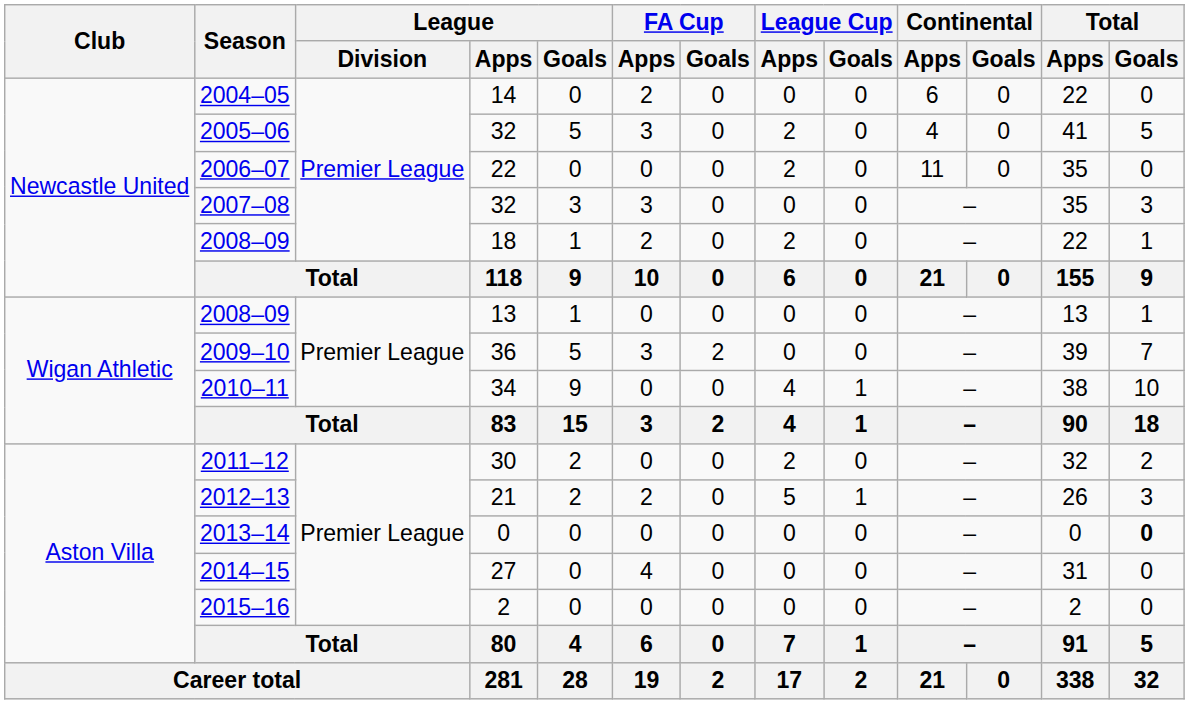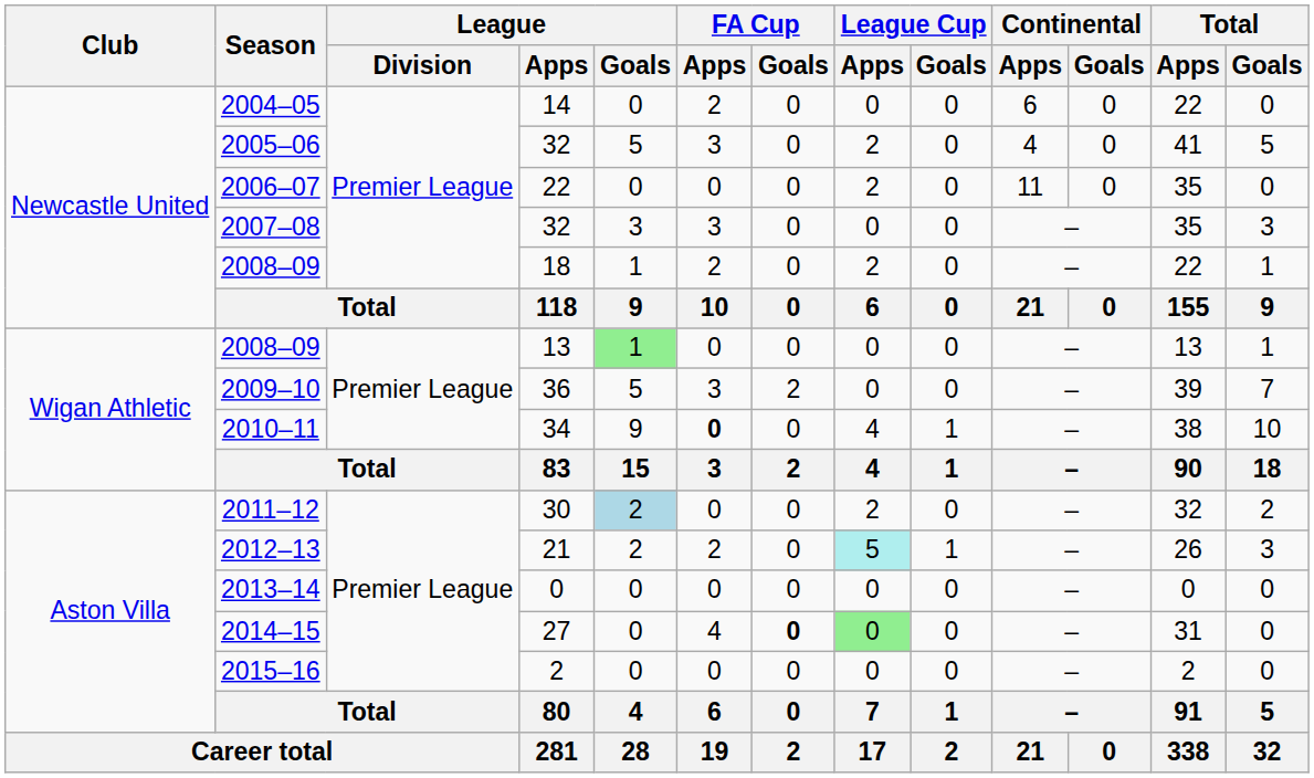 <table class="wikitable" style="text-align:center">
 <tr>
 <th rowspan="2">Club</th>
 <th rowspan="2">Season</th>
 <th colspan="3">League</th>
 <th colspan="2"><a href='#'>FA Cup</a></th>
 <th colspan="2"><a href='#'>League Cup</a></th>
 <th colspan="2">Continental</th>
 <th colspan="2">Total</th>
 </tr>
 <tr>
 <th>Division</th>
 <th>Apps</th>
 <th>Goals</th>
 <th>Apps</th>
 <th>Goals</th>
 <th>Apps</th>
 <th>Goals</th>
 <th>Apps</th>
 <th>Goals</th>
 <th>Apps</th>
 <th>Goals</th>
 </tr>
 <tr>
 <td rowspan="6"><a href='#'>Newcastle United</a></td>
 <td><a href='#'>2004–05</a></td>
 <td rowspan="5"><a href='#'>Premier League</a></td>
 <td>14</td>
 <td>0</td>
 <td>2</td>
 <td>0</td>
 <td>0</td>
 <td>0</td>
 <td>6</td>
 <td>0</td>
 <td>22</td>
 <td>0</td>
 </tr>
 <tr>
 <td><a href='#'>2005–06</a></td>
 <td>32</td>
 <td>5</td>
 <td>3</td>
 <td>0</td>
 <td>2</td>
 <td>0</td>
 <td>4</td>
 <td>0</td>
 <td>41</td>
 <td>5</td>
 </tr>
 <tr>
 <td><a href='#'>2006–07</a></td>
 <td>22</td>
 <td>0</td>
 <td>0</td>
 <td>0</td>
 <td>2</td>
 <td>0</td>
 <td>11</td>
 <td>0</td>
 <td>35</td>
 <td>0</td>
 </tr>
 <tr>
 <td><a href='#'>2007–08</a></td>
 <td>32</td>
 <td>3</td>
 <td>3</td>
 <td>0</td>
 <td>0</td>
 <td>0</td>
 <td colspan="2">–</td>
 <td>35</td>
 <td>3</td>
 </tr>
 <tr>
 <td><a href='#'>2008–09</a></td>
 <td>18</td>
 <td>1</td>
 <td>2</td>
 <td>0</td>
 <td>2</td>
 <td>0</td>
 <td colspan="2">–</td>
 <td>22</td>
 <td>1</td>
 </tr>
 <tr>
 <th colspan="2">Total</th>
 <th>118</th>
 <th>9</th>
 <th>10</th>
 <th>0</th>
 <th>6</th>
 <th>0</th>
 <th>21</th>
 <th>0</th>
 <th>155</th>
 <th>9</th>
 </tr>
 <tr>
 <td rowspan="4"><a href='#'>Wigan Athletic</a></td>
 <td><a href='#'>2008–09</a></td>
 <td rowspan="3">Premier League</td>
 <td>13</td>
-<td>1</td>
+<td style="background: lightgreen;">1</td>
 <td>0</td>
 <td>0</td>
 <td>0</td>
 <td>0</td>
 <td colspan="2">–</td>
 <td>13</td>
 <td>1</td>
 </tr>
 <tr>
 <td><a href='#'>2009–10</a></td>
 <td>36</td>
 <td>5</td>
 <td>3</td>
 <td>2</td>
 <td>0</td>
 <td>0</td>
 <td colspan="2">–</td>
 <td>39</td>
 <td>7</td>
 </tr>
 <tr>
 <td><a href='#'>2010–11</a></td>
 <td>34</td>
 <td>9</td>
-<td>0</td>
+<td><strong>0</strong></td>
 <td>0</td>
 <td>4</td>
 <td>1</td>
 <td colspan="2">–</td>
 <td>38</td>
 <td>10</td>
 </tr>
 <tr>
 <th colspan=2>Total</th>
 <th>83</th>
 <th>15</th>
 <th>3</th>
 <th>2</th>
 <th>4</th>
 <th>1</th>
 <th colspan="2">–</th>
 <th>90</th>
 <th>18</th>
 </tr>
 <tr>
 <td rowspan="6"><a href='#'>Aston Villa</a></td>
 <td><a href='#'>2011–12</a></td>
 <td rowspan="5">Premier League</td>
 <td>30</td>
-<td>2</td>
+<td style="background: lightblue;">2</td>
 <td>0</td>
 <td>0</td>
 <td>2</td>
 <td>0</td>
 <td colspan="2">–</td>
 <td>32</td>
 <td>2</td>
 </tr>
 <tr>
 <td><a href='#'>2012–13</a></td>
 <td>21</td>
 <td>2</td>
 <td>2</td>
 <td>0</td>
-<td>5</td>
+<td style="background: paleturquoise;">5</td>
 <td>1</td>
 <td colspan="2">–</td>
 <td>26</td>
 <td>3</td>
 </tr>
 <tr>
 <td><a href='#'>2013–14</a></td>
 <td>0</td>
 <td>0</td>
 <td>0</td>
 <td>0</td>
 <td>0</td>
 <td>0</td>
 <td colspan="2">–</td>
 <td>0</td>
-<td><strong>0</strong></td>
+<td>0</td>
 </tr>
 <tr>
 <td><a href='#'>2014–15</a></td>
 <td>27</td>
 <td>0</td>
 <td>4</td>
-<td>0</td>
-<td>0</td>
+<td><strong>0</strong></td>
+<td style="background: lightgreen;">0</td>
 <td>0</td>
 <td colspan="2">–</td>
 <td>31</td>
 <td>0</td>
 </tr>
 <tr>
 <td><a href='#'>2015–16</a></td>
 <td>2</td>
 <td>0</td>
 <td>0</td>
 <td>0</td>
 <td>0</td>
 <td>0</td>
 <td colspan="2">–</td>
 <td>2</td>
 <td>0</td>
 </tr>
 <tr>
 <th colspan="2">Total</th>
 <th>80</th>
 <th>4</th>
 <th>6</th>
 <th>0</th>
 <th>7</th>
 <th>1</th>
 <th colspan="2">–</th>
 <th>91</th>
 <th>5</th>
 </tr>
 <tr>
 <th colspan="3">Career total</th>
 <th>281</th>
 <th>28</th>
 <th>19</th>
 <th>2</th>
 <th>17</th>
 <th>2</th>
 <th>21</th>
 <th>0</th>
 <th>338</th>
 <th>32</th>
 </tr>
 </table>
